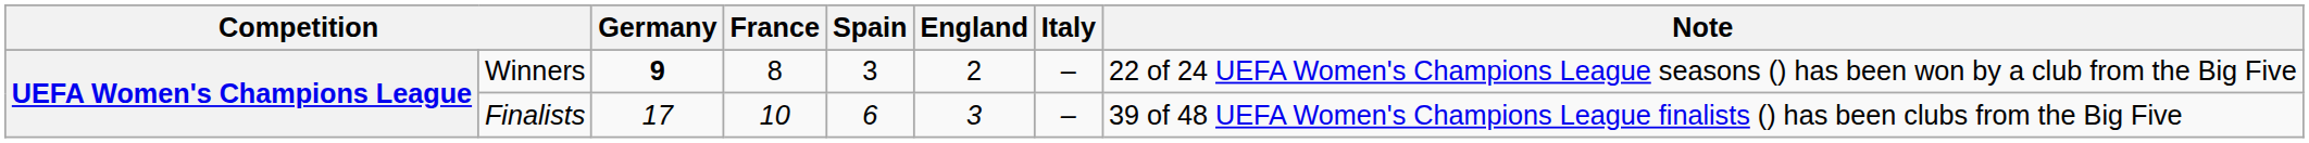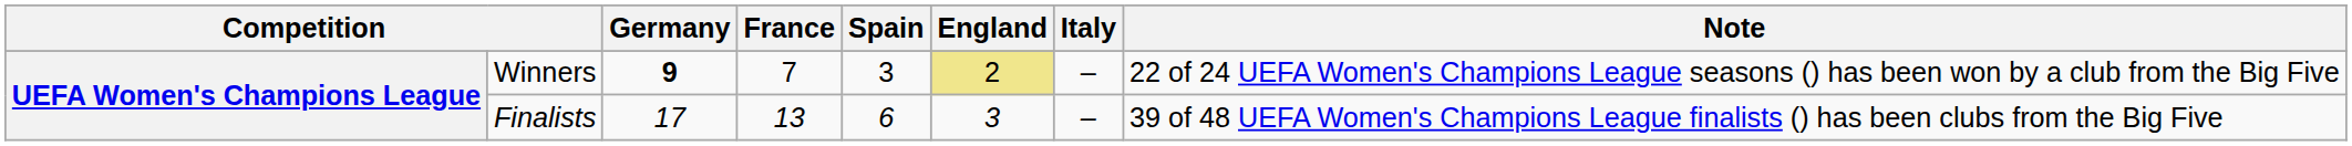 <table class="wikitable" style="text-align:center; font-size:88%;">
 <tr>
 <th colspan="2">Competition</th>
 <th> Germany</th>
 <th> France</th>
 <th> Spain</th>
 <th> England</th>
 <th> Italy</th>
 <th style="min-width:200px;">Note</th>
 </tr>
 <tr>
 <th scope="row" rowspan="2" style="text-align:left;"><a href='#'>UEFA Women's Champions League</a></th>
 <td>Winners</td>
 <td><strong>9</strong></td>
-<td>8</td>
+<td>7</td>
 <td>3</td>
-<td>2</td>
+<td style="background: khaki;">2</td>
 <td>–</td>
 <td style="text-align:left;">22 of 24 <a href='#'>UEFA Women's Champions League</a> seasons () has been won by a club from the Big Five</td>
 </tr>
 <tr style="font-style:italic;">
 <td>Finalists</td>
 <td>17</td>
-<td>10</td>
+<td>13</td>
 <td>6</td>
 <td>3</td>
 <td>–</td>
 <td style="text-align:left; font-style:normal;">39 of 48 <a href='#'>UEFA Women's Champions League finalists</a> () has been clubs from the Big Five</td>
 </tr>
 </table>
